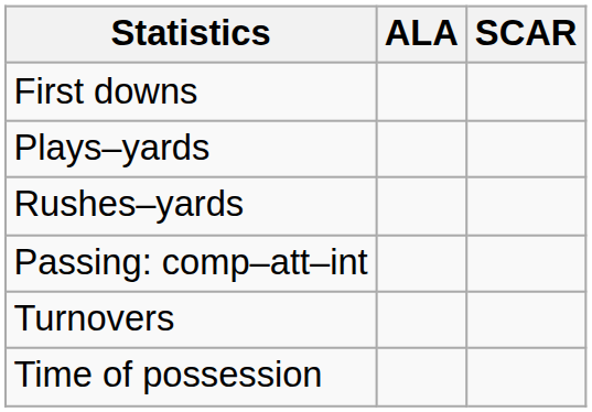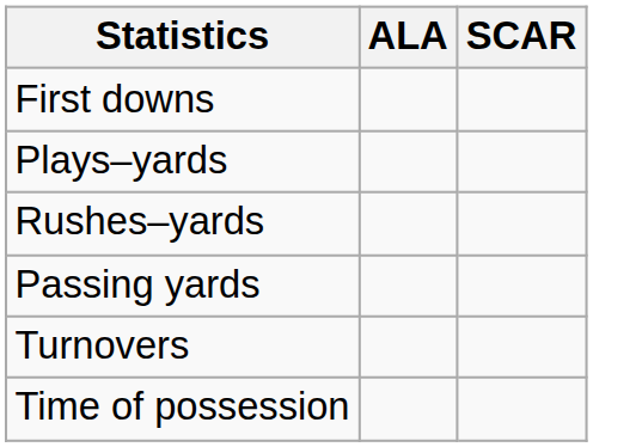 <table class="wikitable" style="float:left">
 <tr>
 <th>Statistics</th>
 <th>ALA</th>
 <th>SCAR</th>
 </tr>
 <tr>
 <td>First downs</td>
 <td></td>
 <td></td>
 </tr>
 <tr>
 <td>Plays–yards</td>
 <td></td>
 <td></td>
 </tr>
 <tr>
 <td>Rushes–yards</td>
 <td></td>
 <td></td>
 </tr>
 <tr>
-<td>Passing: comp–att–int</td>
+<td>Passing yards</td>
 <td></td>
 <td></td>
 </tr>
 <tr>
 <td>Turnovers</td>
 <td></td>
 <td></td>
 </tr>
 <tr>
 <td>Time of possession</td>
 <td></td>
 <td></td>
 </tr>
 </table>
